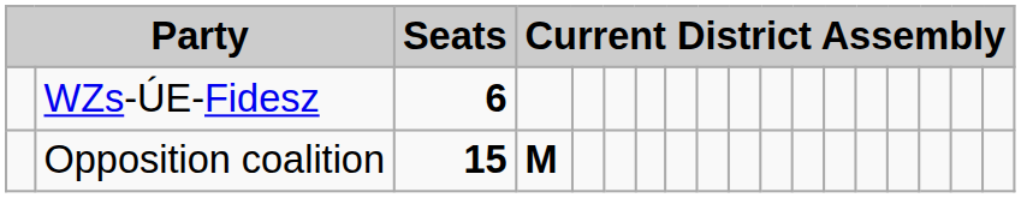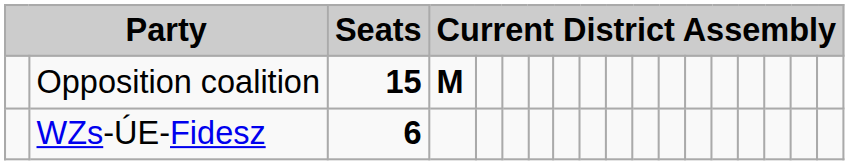 <table class="wikitable">
 <tr>
 <th style="background:#ccc" colspan="2">Party</th>
 <th style="background:#ccc">Seats</th>
 <th style="background:#ccc" colspan="15">Current District Assembly</th>
+</tr>
+<tr>
+<td style="background-color: "> </td>
+<td>Opposition coalition</td>
+<td style="text-align: right"><strong>15</strong></td>
+<td style="background-color: "><span><strong>M</strong></span></td>
+<td style="background-color: "> </td>
+<td style="background-color: "> </td>
+<td style="background-color: "> </td>
+<td style="background-color: "> </td>
+<td style="background-color: "> </td>
+<td style="background-color: "> </td>
+<td style="background-color: "> </td>
+<td style="background-color: "> </td>
+<td style="background-color: "> </td>
+<td style="background-color: "> </td>
+<td style="background-color: "> </td>
+<td style="background-color: "> </td>
+<td style="background-color: "> </td>
+<td style="background-color: "> </td>
 </tr>
 <tr>
 <td style="background-color: "> </td>
 <td><a href='#'>WZs</a>-ÚE-<a href='#'>Fidesz</a></td>
 <td style="text-align: right"><strong>6</strong></td>
 <td style="background-color: "> </td>
 <td style="background-color: "> </td>
 <td style="background-color: "> </td>
 <td style="background-color: "> </td>
 <td style="background-color: "> </td>
 <td style="background-color: "> </td>
 <td> </td>
 <td> </td>
 <td> </td>
 <td> </td>
 <td> </td>
 <td> </td>
 <td> </td>
 <td> </td>
 <td> </td>
 </tr>
-<tr>
-<td style="background-color: "> </td>
-<td>Opposition coalition</td>
-<td style="text-align: right"><strong>15</strong></td>
-<td style="background-color: "><span><strong>M</strong></span></td>
-<td style="background-color: "> </td>
-<td style="background-color: "> </td>
-<td style="background-color: "> </td>
-<td style="background-color: "> </td>
-<td style="background-color: "> </td>
-<td style="background-color: "> </td>
-<td style="background-color: "> </td>
-<td style="background-color: "> </td>
-<td style="background-color: "> </td>
-<td style="background-color: "> </td>
-<td style="background-color: "> </td>
-<td style="background-color: "> </td>
-<td style="background-color: "> </td>
-<td style="background-color: "> </td>
-</tr>
 </table>
